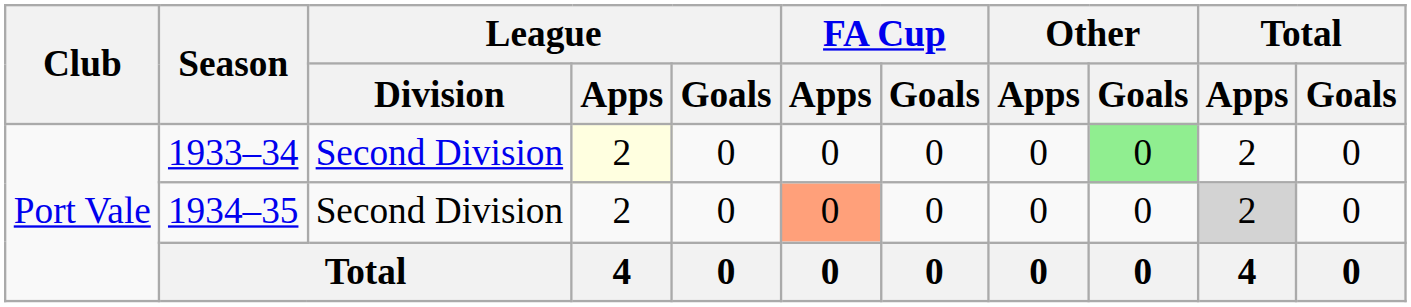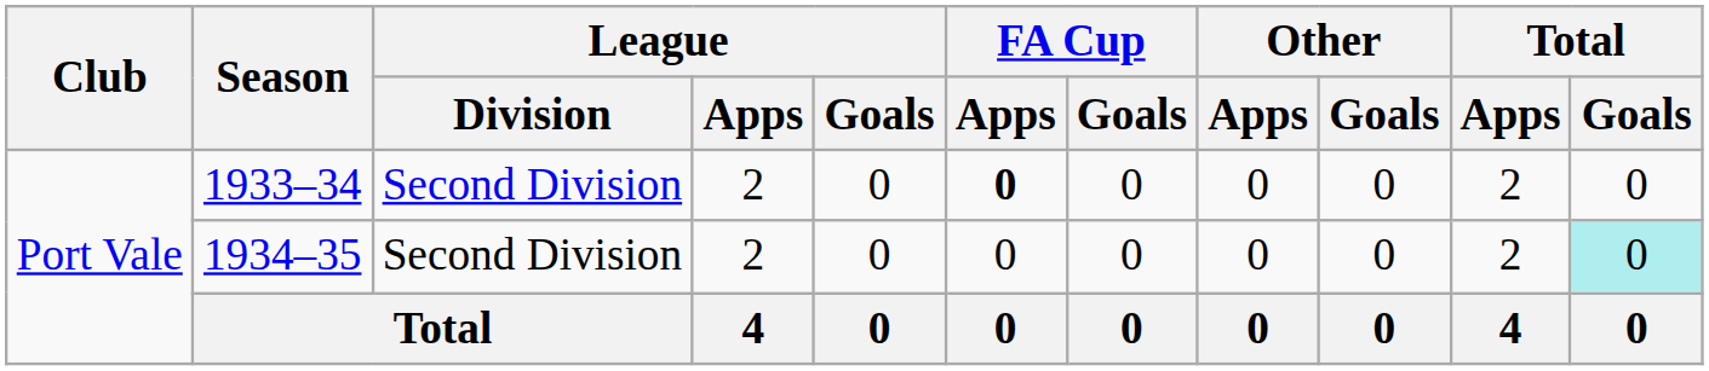 <table class="wikitable" style="text-align:center">
 <tr>
 <th rowspan="2">Club</th>
 <th rowspan="2">Season</th>
 <th colspan="3">League</th>
 <th colspan="2"><a href='#'>FA Cup</a></th>
 <th colspan="2">Other</th>
 <th colspan="2">Total</th>
 </tr>
 <tr>
 <th>Division</th>
 <th>Apps</th>
 <th>Goals</th>
 <th>Apps</th>
 <th>Goals</th>
 <th>Apps</th>
 <th>Goals</th>
 <th>Apps</th>
 <th>Goals</th>
 </tr>
 <tr>
 <td rowspan="3"><a href='#'>Port Vale</a></td>
 <td><a href='#'>1933–34</a></td>
 <td><a href='#'>Second Division</a></td>
-<td style="background: lightyellow;">2</td>
+<td>2</td>
+<td>0</td>
+<td><strong>0</strong></td>
 <td>0</td>
 <td>0</td>
 <td>0</td>
-<td>0</td>
-<td style="background: lightgreen;">0</td>
 <td>2</td>
 <td>0</td>
 </tr>
 <tr>
 <td><a href='#'>1934–35</a></td>
 <td>Second Division</td>
 <td>2</td>
 <td>0</td>
-<td style="background: lightsalmon;">0</td>
 <td>0</td>
 <td>0</td>
 <td>0</td>
-<td style="background: lightgrey;">2</td>
 <td>0</td>
+<td>2</td>
+<td style="background: paleturquoise;">0</td>
 </tr>
 <tr>
 <th colspan="2">Total</th>
 <th>4</th>
 <th>0</th>
 <th>0</th>
 <th>0</th>
 <th>0</th>
 <th>0</th>
 <th>4</th>
 <th>0</th>
 </tr>
 </table>
